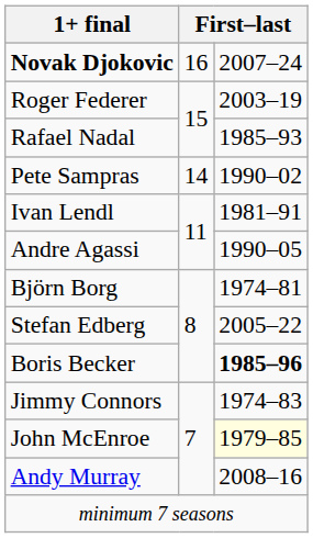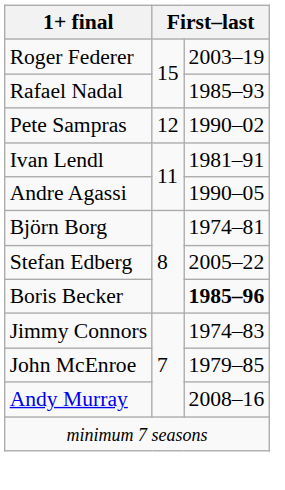 <table class="wikitable" style="display:inline-table;">
 <tr>
 <th>1+ final</th>
 <th colspan=2>First–last</th>
-</tr>
-<tr>
-<td> <strong>Novak Djokovic</strong></td>
-<td>16</td>
-<td>2007–24</td>
 </tr>
 <tr>
 <td> Roger Federer</td>
 <td rowspan="2">15</td>
 <td>2003–19</td>
 </tr>
 <tr>
 <td> Rafael Nadal</td>
 <td>1985–93</td>
 </tr>
 <tr>
 <td> Pete Sampras</td>
-<td>14</td>
+<td>12</td>
 <td>1990–02</td>
 </tr>
 <tr>
 <td> Ivan Lendl</td>
 <td rowspan="2">11</td>
 <td>1981–91</td>
 </tr>
 <tr>
 <td> Andre Agassi</td>
 <td>1990–05</td>
 </tr>
 <tr>
 <td> Björn Borg</td>
 <td rowspan="3">8</td>
 <td>1974–81</td>
 </tr>
 <tr>
 <td> Stefan Edberg</td>
 <td>2005–22</td>
 </tr>
 <tr>
 <td> Boris Becker</td>
 <td><strong>1985–96</strong></td>
 </tr>
 <tr>
 <td> Jimmy Connors</td>
 <td rowspan="3">7</td>
 <td>1974–83</td>
 </tr>
 <tr>
 <td> John McEnroe</td>
-<td style="background: lightyellow;">1979–85</td>
+<td>1979–85</td>
 </tr>
 <tr>
 <td> <a href='#'>Andy Murray</a></td>
 <td>2008–16</td>
 </tr>
 <tr>
 <td colspan="3" style="text-align: center;"><small><em>minimum 7 seasons </em></small></td>
 </tr>
 </table>
